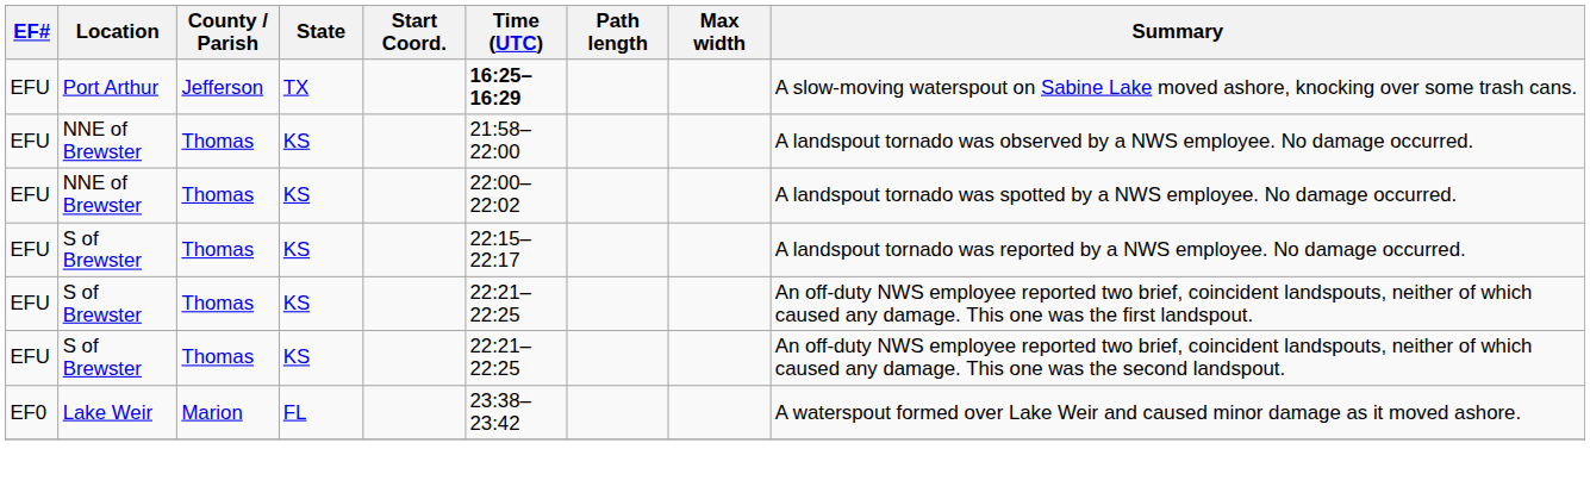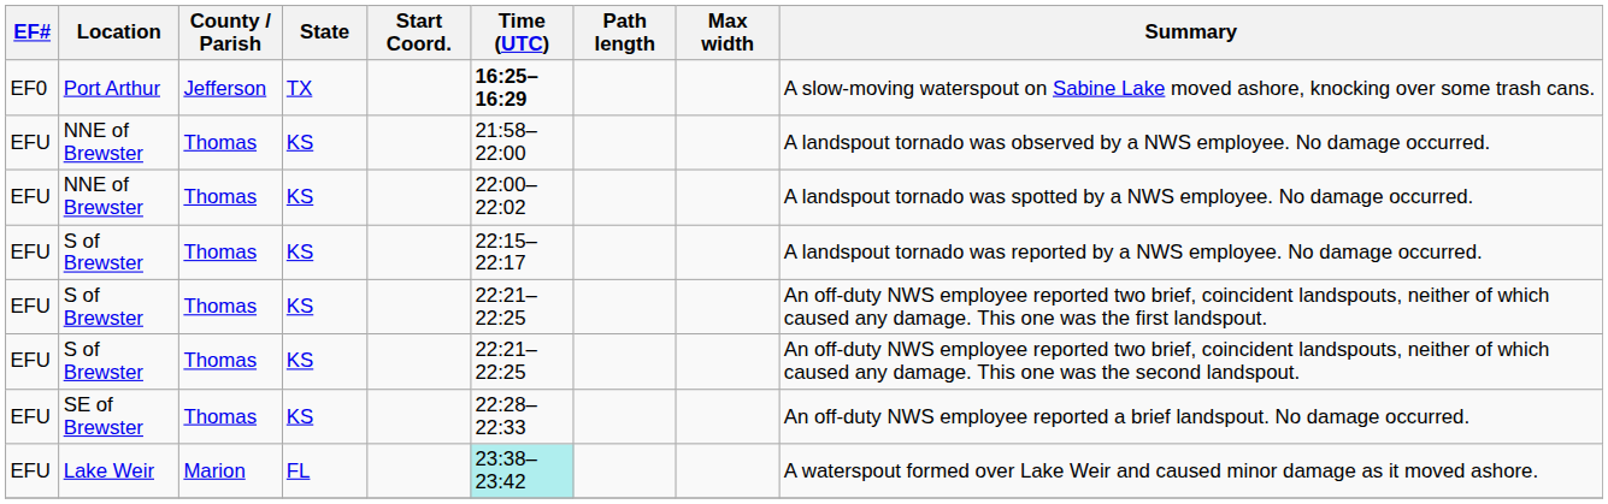 <table class="wikitable sortable" style="width:100%;">
 <tr>
 <th scope="col"  style="width:3%; text-align:center;"><a href='#'>EF#</a></th>
 <th scope="col"  style="width:7%; text-align:center;" class="unsortable">Location</th>
 <th scope="col"  style="width:6%; text-align:center;" class="unsortable">County / Parish</th>
 <th scope="col"  style="width:5%; text-align:center;">State</th>
 <th scope="col"  style="width:6%; text-align:center;">Start Coord.</th>
 <th scope="col"  style="width:6%; text-align:center;">Time (<a href='#'>UTC</a>)</th>
 <th scope="col"  style="width:6%; text-align:center;">Path length</th>
 <th scope="col"  style="width:6%; text-align:center;">Max width</th>
 <th scope="col" class="unsortable" style="width:48%; text-align:center;">Summary</th>
 </tr>
 <tr>
-<td>EFU</td>
+<td>EF0</td>
 <td><a href='#'>Port Arthur</a></td>
 <td><a href='#'>Jefferson</a></td>
 <td><a href='#'>TX</a></td>
 <td></td>
 <td><strong>16:25–16:29</strong></td>
 <td></td>
 <td></td>
 <td>A slow-moving waterspout on <a href='#'>Sabine Lake</a> moved ashore, knocking over some trash cans.</td>
 </tr>
 <tr>
 <td>EFU</td>
 <td>NNE of <a href='#'>Brewster</a></td>
 <td><a href='#'>Thomas</a></td>
 <td><a href='#'>KS</a></td>
 <td></td>
 <td>21:58–22:00</td>
 <td></td>
 <td></td>
 <td>A landspout tornado was observed by a NWS employee. No damage occurred.</td>
 </tr>
 <tr>
 <td>EFU</td>
 <td>NNE of <a href='#'>Brewster</a></td>
 <td><a href='#'>Thomas</a></td>
 <td><a href='#'>KS</a></td>
 <td></td>
 <td>22:00–22:02</td>
 <td></td>
 <td></td>
 <td>A landspout tornado was spotted by a NWS employee. No damage occurred.</td>
 </tr>
 <tr>
 <td>EFU</td>
 <td>S of <a href='#'>Brewster</a></td>
 <td><a href='#'>Thomas</a></td>
 <td><a href='#'>KS</a></td>
 <td></td>
 <td>22:15–22:17</td>
 <td></td>
 <td></td>
 <td>A landspout tornado was reported by a NWS employee. No damage occurred.</td>
 </tr>
 <tr>
 <td>EFU</td>
 <td>S of <a href='#'>Brewster</a></td>
 <td><a href='#'>Thomas</a></td>
 <td><a href='#'>KS</a></td>
 <td></td>
 <td>22:21–22:25</td>
 <td></td>
 <td></td>
 <td>An off-duty NWS employee reported two brief, coincident landspouts, neither of which caused any damage. This one was the first landspout.</td>
 </tr>
 <tr>
 <td>EFU</td>
 <td>S of <a href='#'>Brewster</a></td>
 <td><a href='#'>Thomas</a></td>
 <td><a href='#'>KS</a></td>
 <td></td>
 <td>22:21–22:25</td>
 <td></td>
 <td></td>
 <td>An off-duty NWS employee reported two brief, coincident landspouts, neither of which caused any damage. This one was the second landspout.</td>
 </tr>
 <tr>
-<td>EF0</td>
+<td>EFU</td>
+<td>SE of <a href='#'>Brewster</a></td>
+<td><a href='#'>Thomas</a></td>
+<td><a href='#'>KS</a></td>
+<td></td>
+<td>22:28–22:33</td>
+<td></td>
+<td></td>
+<td>An off-duty NWS employee reported a brief landspout. No damage occurred.</td>
+</tr>
+<tr>
+<td>EFU</td>
 <td><a href='#'>Lake Weir</a></td>
 <td><a href='#'>Marion</a></td>
 <td><a href='#'>FL</a></td>
 <td></td>
-<td>23:38–23:42</td>
+<td style="background: paleturquoise;">23:38–23:42</td>
 <td></td>
 <td></td>
 <td>A waterspout formed over Lake Weir and caused minor damage as it moved ashore.</td>
 </tr>
 <tr>
 </tr>
 </table>
